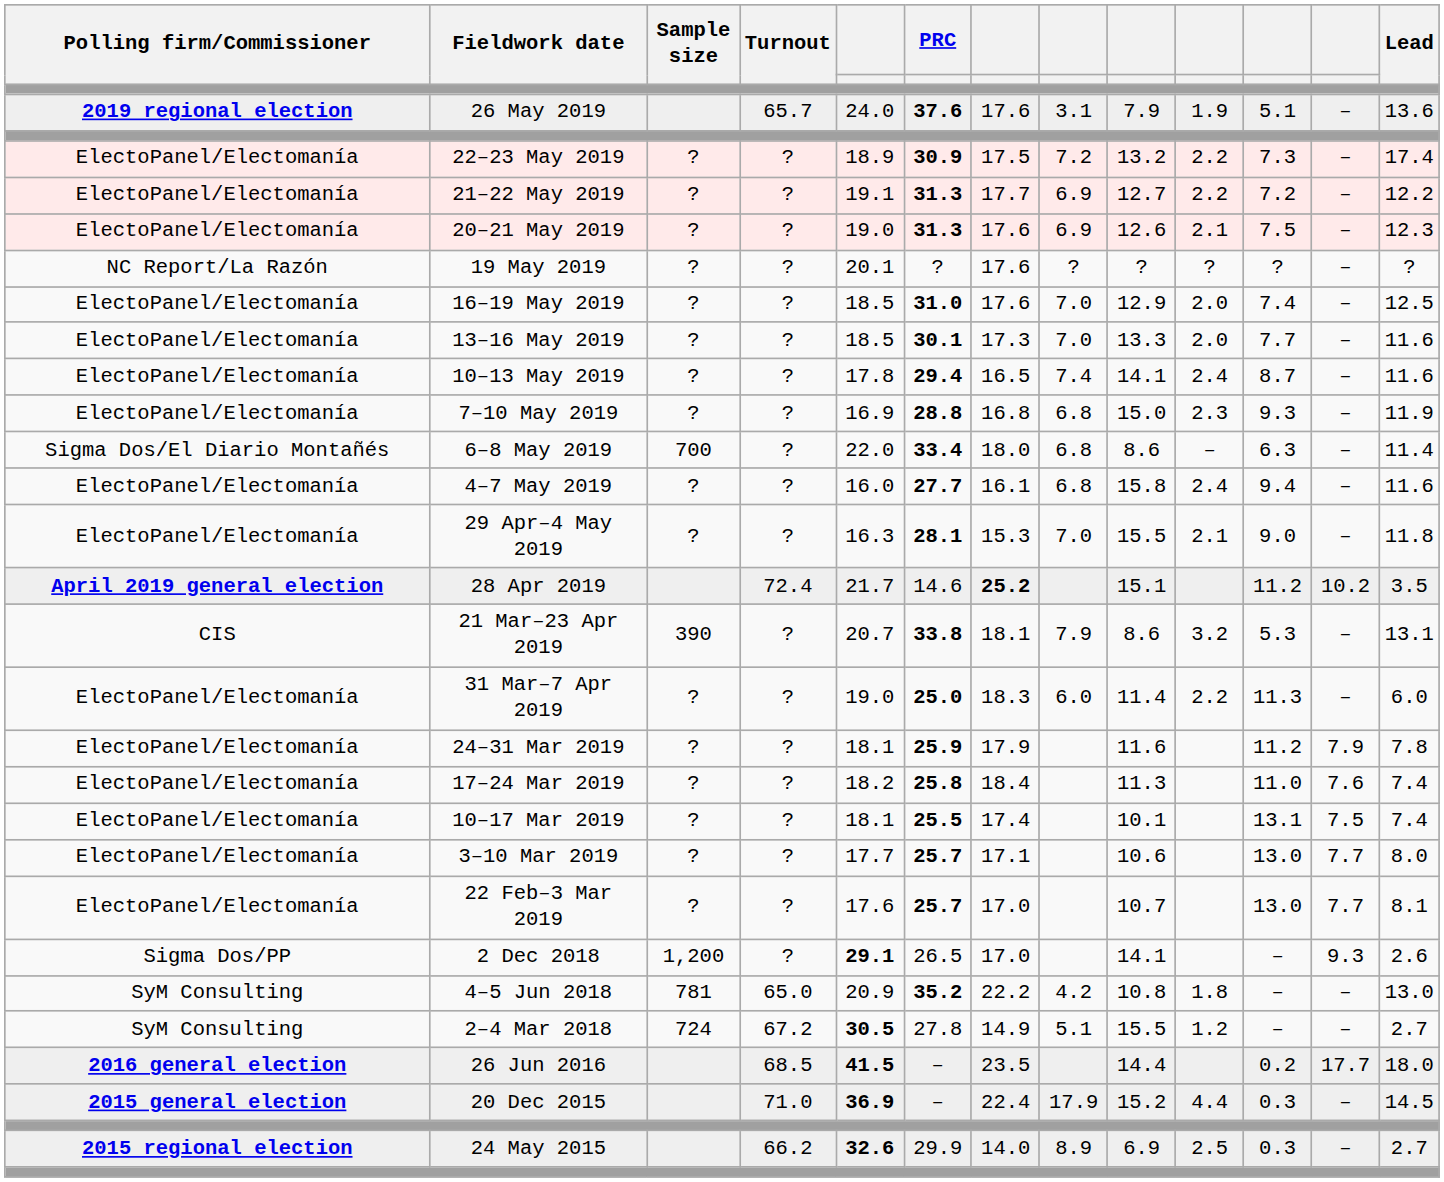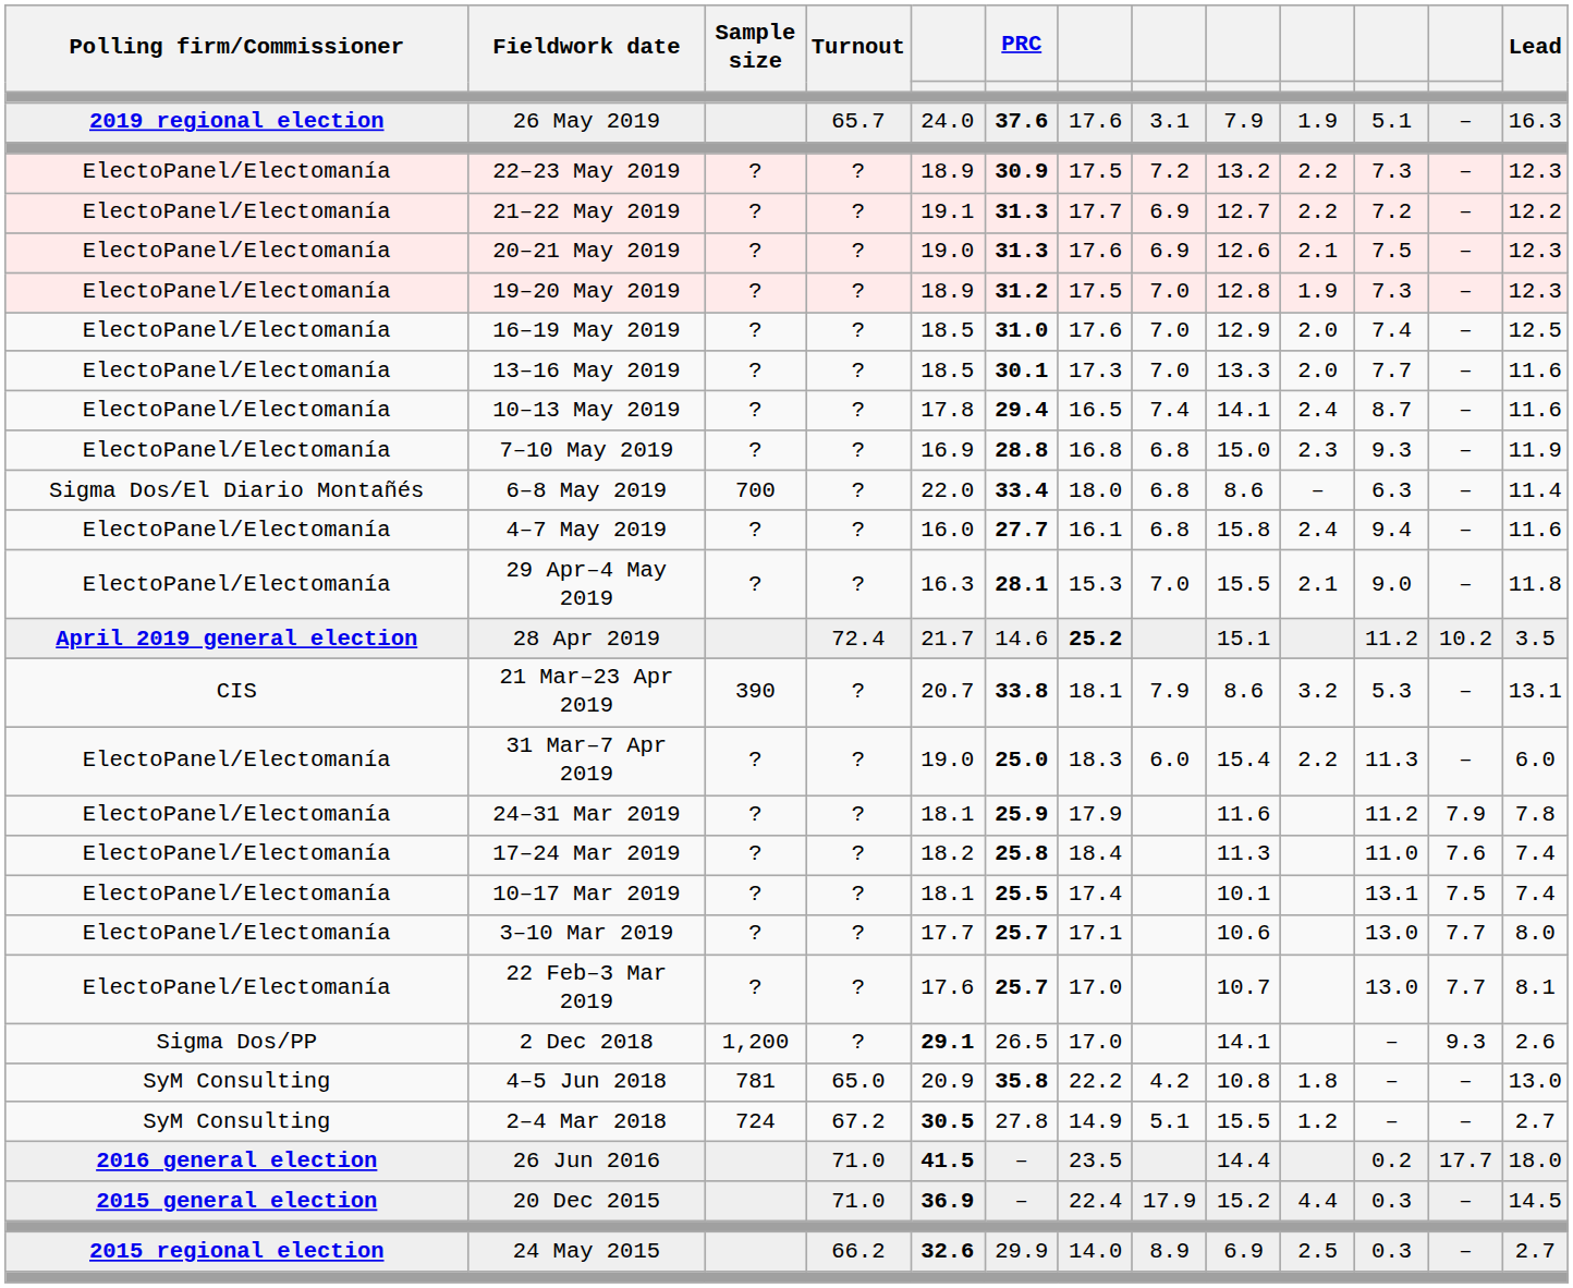 <table class="wikitable collapsible collapsed" style="text-align:center; font-size:95%; line-height:16px;">
 <tr style="height:42px;">
 <th style="width:250px;" rowspan="2">Polling firm/Commissioner</th>
 <th style="width:125px;" rowspan="2">Fieldwork date</th>
 <th style="width:50px;" rowspan="2">Sample size</th>
 <th style="width:45px;" rowspan="2">Turnout</th>
 <th style="width:35px;"></th>
 <th style="width:35px;"><a href='#'>PRC</a></th>
 <th style="width:35px;"></th>
 <th style="width:35px;"></th>
 <th style="width:35px;"></th>
 <th style="width:35px;"></th>
 <th style="width:35px;"></th>
 <th style="width:35px;"></th>
 <th style="width:30px;" rowspan="2">Lead</th>
 </tr>
 <tr>
 <th style="color:inherit;background:"></th>
 <th style="color:inherit;background:"></th>
 <th style="color:inherit;background:"></th>
 <th style="color:inherit;background:"></th>
 <th style="color:inherit;background:"></th>
 <th style="color:inherit;background:"></th>
 <th style="color:inherit;background:"></th>
 <th style="color:inherit;background:"></th>
 </tr>
 <tr>
 <td colspan="13" style="background:#A0A0A0"></td>
 </tr>
 <tr style="background:#EFEFEF;">
 <td><strong><a href='#'>2019 regional election</a></strong></td>
 <td>26 May 2019</td>
 <td></td>
 <td>65.7</td>
 <td>24.0<br></td>
 <td><strong>37.6</strong><br></td>
 <td>17.6<br></td>
 <td>3.1<br></td>
 <td>7.9<br></td>
 <td>1.9<br></td>
 <td>5.1<br></td>
 <td>–</td>
-<td style="background:">13.6</td>
+<td style="background:">16.3</td>
 </tr>
 <tr>
 <td colspan="13" style="background:#A0A0A0"></td>
 </tr>
 <tr style="background:#FFEAEA;">
 <td>ElectoPanel/Electomanía</td>
 <td>22–23 May 2019</td>
 <td>?</td>
 <td>?</td>
 <td>18.9<br></td>
 <td><strong>30.9</strong><br></td>
 <td>17.5<br></td>
 <td>7.2<br></td>
 <td>13.2<br></td>
 <td>2.2<br></td>
 <td>7.3<br></td>
 <td>–</td>
-<td style="background:">17.4</td>
+<td style="background:">12.3</td>
 </tr>
 <tr style="background:#FFEAEA;">
 <td>ElectoPanel/Electomanía</td>
 <td>21–22 May 2019</td>
 <td>?</td>
 <td>?</td>
 <td>19.1<br></td>
 <td><strong>31.3</strong><br></td>
 <td>17.7<br></td>
 <td>6.9<br></td>
 <td>12.7<br></td>
 <td>2.2<br></td>
 <td>7.2<br></td>
 <td>–</td>
 <td style="background:">12.2</td>
 </tr>
 <tr style="background:#FFEAEA;">
 <td>ElectoPanel/Electomanía</td>
 <td>20–21 May 2019</td>
 <td>?</td>
 <td>?</td>
 <td>19.0<br></td>
 <td><strong>31.3</strong><br></td>
 <td>17.6<br></td>
 <td>6.9<br></td>
 <td>12.6<br></td>
 <td>2.1<br></td>
 <td>7.5<br></td>
 <td>–</td>
 <td style="background:">12.3</td>
 </tr>
-<tr>
-<td>NC Report/La Razón</td>
-<td>19 May 2019</td>
+<tr style="background:#FFEAEA;">
+<td>ElectoPanel/Electomanía</td>
+<td>19–20 May 2019</td>
 <td>?</td>
 <td>?</td>
-<td>20.1<br></td>
-<td>?<br></td>
-<td>17.6<br></td>
-<td>?<br></td>
-<td>?<br></td>
-<td>?<br></td>
-<td>?<br></td>
+<td>18.9<br></td>
+<td><strong>31.2</strong><br></td>
+<td>17.5<br></td>
+<td>7.0<br></td>
+<td>12.8<br></td>
+<td>1.9<br></td>
+<td>7.3<br></td>
 <td>–</td>
-<td style="background:">?</td>
+<td style="background:">12.3</td>
 </tr>
 <tr>
 <td>ElectoPanel/Electomanía</td>
 <td>16–19 May 2019</td>
 <td>?</td>
 <td>?</td>
 <td>18.5<br></td>
 <td><strong>31.0</strong><br></td>
 <td>17.6<br></td>
 <td>7.0<br></td>
 <td>12.9<br></td>
 <td>2.0<br></td>
 <td>7.4<br></td>
 <td>–</td>
 <td style="background:">12.5</td>
 </tr>
 <tr>
 <td>ElectoPanel/Electomanía</td>
 <td>13–16 May 2019</td>
 <td>?</td>
 <td>?</td>
 <td>18.5<br></td>
 <td><strong>30.1</strong><br></td>
 <td>17.3<br></td>
 <td>7.0<br></td>
 <td>13.3<br></td>
 <td>2.0<br></td>
 <td>7.7<br></td>
 <td>–</td>
 <td style="background:">11.6</td>
 </tr>
 <tr>
 <td>ElectoPanel/Electomanía</td>
 <td>10–13 May 2019</td>
 <td>?</td>
 <td>?</td>
 <td>17.8<br></td>
 <td><strong>29.4</strong><br></td>
 <td>16.5<br></td>
 <td>7.4<br></td>
 <td>14.1<br></td>
 <td>2.4<br></td>
 <td>8.7<br></td>
 <td>–</td>
 <td style="background:">11.6</td>
 </tr>
 <tr>
 <td>ElectoPanel/Electomanía</td>
 <td>7–10 May 2019</td>
 <td>?</td>
 <td>?</td>
 <td>16.9<br></td>
 <td><strong>28.8</strong><br></td>
 <td>16.8<br></td>
 <td>6.8<br></td>
 <td>15.0<br></td>
 <td>2.3<br></td>
 <td>9.3<br></td>
 <td>–</td>
 <td style="background:">11.9</td>
 </tr>
 <tr>
 <td>Sigma Dos/El Diario Montañés</td>
 <td>6–8 May 2019</td>
 <td>700</td>
 <td>?</td>
 <td>22.0<br></td>
 <td><strong>33.4</strong><br></td>
 <td>18.0<br></td>
 <td>6.8<br></td>
 <td>8.6<br></td>
 <td>–</td>
 <td>6.3<br></td>
 <td>–</td>
 <td style="background:">11.4</td>
 </tr>
 <tr>
 <td>ElectoPanel/Electomanía</td>
 <td>4–7 May 2019</td>
 <td>?</td>
 <td>?</td>
 <td>16.0<br></td>
 <td><strong>27.7</strong><br></td>
 <td>16.1<br></td>
 <td>6.8<br></td>
 <td>15.8<br></td>
 <td>2.4<br></td>
 <td>9.4<br></td>
 <td>–</td>
 <td style="background:">11.6</td>
 </tr>
 <tr>
 <td>ElectoPanel/Electomanía</td>
 <td>29 Apr–4 May 2019</td>
 <td>?</td>
 <td>?</td>
 <td>16.3<br></td>
 <td><strong>28.1</strong><br></td>
 <td>15.3<br></td>
 <td>7.0<br></td>
 <td>15.5<br></td>
 <td>2.1<br></td>
 <td>9.0<br></td>
 <td>–</td>
 <td style="background:">11.8</td>
 </tr>
 <tr style="background:#EFEFEF;">
 <td><strong><a href='#'>April 2019 general election</a></strong></td>
 <td>28 Apr 2019</td>
 <td></td>
 <td>72.4</td>
 <td>21.7<br></td>
 <td>14.6<br></td>
 <td><strong>25.2</strong><br></td>
 <td></td>
 <td>15.1<br></td>
 <td></td>
 <td>11.2<br></td>
 <td>10.2<br></td>
 <td style="background:">3.5</td>
 </tr>
 <tr>
 <td>CIS</td>
 <td>21 Mar–23 Apr 2019</td>
 <td>390</td>
 <td>?</td>
 <td>20.7<br></td>
 <td><strong>33.8</strong><br></td>
 <td>18.1<br></td>
 <td>7.9<br></td>
 <td>8.6<br></td>
 <td>3.2<br></td>
 <td>5.3<br></td>
 <td>–</td>
 <td style="background:">13.1</td>
 </tr>
 <tr>
 <td>ElectoPanel/Electomanía</td>
 <td>31 Mar–7 Apr 2019</td>
 <td>?</td>
 <td>?</td>
 <td>19.0<br></td>
 <td><strong>25.0</strong><br></td>
 <td>18.3<br></td>
 <td>6.0<br></td>
-<td>11.4<br></td>
+<td>15.4<br></td>
 <td>2.2<br></td>
 <td>11.3<br></td>
 <td>–</td>
 <td style="background:">6.0</td>
 </tr>
 <tr>
 <td>ElectoPanel/Electomanía</td>
 <td>24–31 Mar 2019</td>
 <td>?</td>
 <td>?</td>
 <td>18.1<br></td>
 <td><strong>25.9</strong><br></td>
 <td>17.9<br></td>
 <td></td>
 <td>11.6<br></td>
 <td></td>
 <td>11.2<br></td>
 <td>7.9<br></td>
 <td style="background:">7.8</td>
 </tr>
 <tr>
 <td>ElectoPanel/Electomanía</td>
 <td>17–24 Mar 2019</td>
 <td>?</td>
 <td>?</td>
 <td>18.2<br></td>
 <td><strong>25.8</strong><br></td>
 <td>18.4<br></td>
 <td></td>
 <td>11.3<br></td>
 <td></td>
 <td>11.0<br></td>
 <td>7.6<br></td>
 <td style="background:">7.4</td>
 </tr>
 <tr>
 <td>ElectoPanel/Electomanía</td>
 <td>10–17 Mar 2019</td>
 <td>?</td>
 <td>?</td>
 <td>18.1<br></td>
 <td><strong>25.5</strong><br></td>
 <td>17.4<br></td>
 <td></td>
 <td>10.1<br></td>
 <td></td>
 <td>13.1<br></td>
 <td>7.5<br></td>
 <td style="background:">7.4</td>
 </tr>
 <tr>
 <td>ElectoPanel/Electomanía</td>
 <td>3–10 Mar 2019</td>
 <td>?</td>
 <td>?</td>
 <td>17.7<br></td>
 <td><strong>25.7</strong><br></td>
 <td>17.1<br></td>
 <td></td>
 <td>10.6<br></td>
 <td></td>
 <td>13.0<br></td>
 <td>7.7<br></td>
 <td style="background:">8.0</td>
 </tr>
 <tr>
 <td>ElectoPanel/Electomanía</td>
 <td>22 Feb–3 Mar 2019</td>
 <td>?</td>
 <td>?</td>
 <td>17.6<br></td>
 <td><strong>25.7</strong><br></td>
 <td>17.0<br></td>
 <td></td>
 <td>10.7<br></td>
 <td></td>
 <td>13.0<br></td>
 <td>7.7<br></td>
 <td style="background:">8.1</td>
 </tr>
 <tr>
 <td>Sigma Dos/PP</td>
 <td>2 Dec 2018</td>
 <td>1,200</td>
 <td>?</td>
 <td><strong>29.1</strong><br></td>
 <td>26.5<br></td>
 <td>17.0<br></td>
 <td></td>
 <td>14.1<br></td>
 <td></td>
 <td>–</td>
 <td>9.3<br></td>
 <td style="background:">2.6</td>
 </tr>
 <tr>
 <td>SyM Consulting</td>
 <td>4–5 Jun 2018</td>
 <td>781</td>
 <td>65.0</td>
 <td>20.9<br></td>
-<td><strong>35.2</strong><br></td>
+<td><strong>35.8</strong><br></td>
 <td>22.2<br></td>
 <td>4.2<br></td>
 <td>10.8<br></td>
 <td>1.8<br></td>
 <td>–</td>
 <td>–</td>
 <td style="background:">13.0</td>
 </tr>
 <tr>
 <td>SyM Consulting</td>
 <td>2–4 Mar 2018</td>
 <td>724</td>
 <td>67.2</td>
 <td><strong>30.5</strong><br></td>
 <td>27.8<br></td>
 <td>14.9<br></td>
 <td>5.1<br></td>
 <td>15.5<br></td>
 <td>1.2<br></td>
 <td>–</td>
 <td>–</td>
 <td style="background:">2.7</td>
 </tr>
 <tr style="background:#EFEFEF;">
 <td><strong><a href='#'>2016 general election</a></strong></td>
 <td>26 Jun 2016</td>
 <td></td>
-<td>68.5</td>
+<td>71.0</td>
 <td><strong>41.5</strong><br></td>
 <td>–</td>
 <td>23.5<br></td>
 <td></td>
 <td>14.4<br></td>
 <td></td>
 <td>0.2<br></td>
 <td>17.7<br></td>
 <td style="background:">18.0</td>
 </tr>
 <tr style="background:#EFEFEF;">
 <td><strong><a href='#'>2015 general election</a></strong></td>
 <td>20 Dec 2015</td>
 <td></td>
 <td>71.0</td>
 <td><strong>36.9</strong><br></td>
 <td>–</td>
 <td>22.4<br></td>
 <td>17.9<br></td>
 <td>15.2<br></td>
 <td>4.4<br></td>
 <td>0.3<br></td>
 <td>–</td>
 <td style="background:">14.5</td>
 </tr>
 <tr>
 <td colspan="13" style="background:#A0A0A0"></td>
 </tr>
 <tr style="background:#EFEFEF;">
 <td><strong><a href='#'>2015 regional election</a></strong></td>
 <td>24 May 2015</td>
 <td></td>
 <td>66.2</td>
 <td><strong>32.6</strong><br></td>
 <td>29.9<br></td>
 <td>14.0<br></td>
 <td>8.9<br></td>
 <td>6.9<br></td>
 <td>2.5<br></td>
 <td>0.3<br></td>
 <td>–</td>
 <td style="background:">2.7</td>
 </tr>
 <tr>
 <td colspan="13" style="background:#A0A0A0"></td>
 </tr>
 </table>
